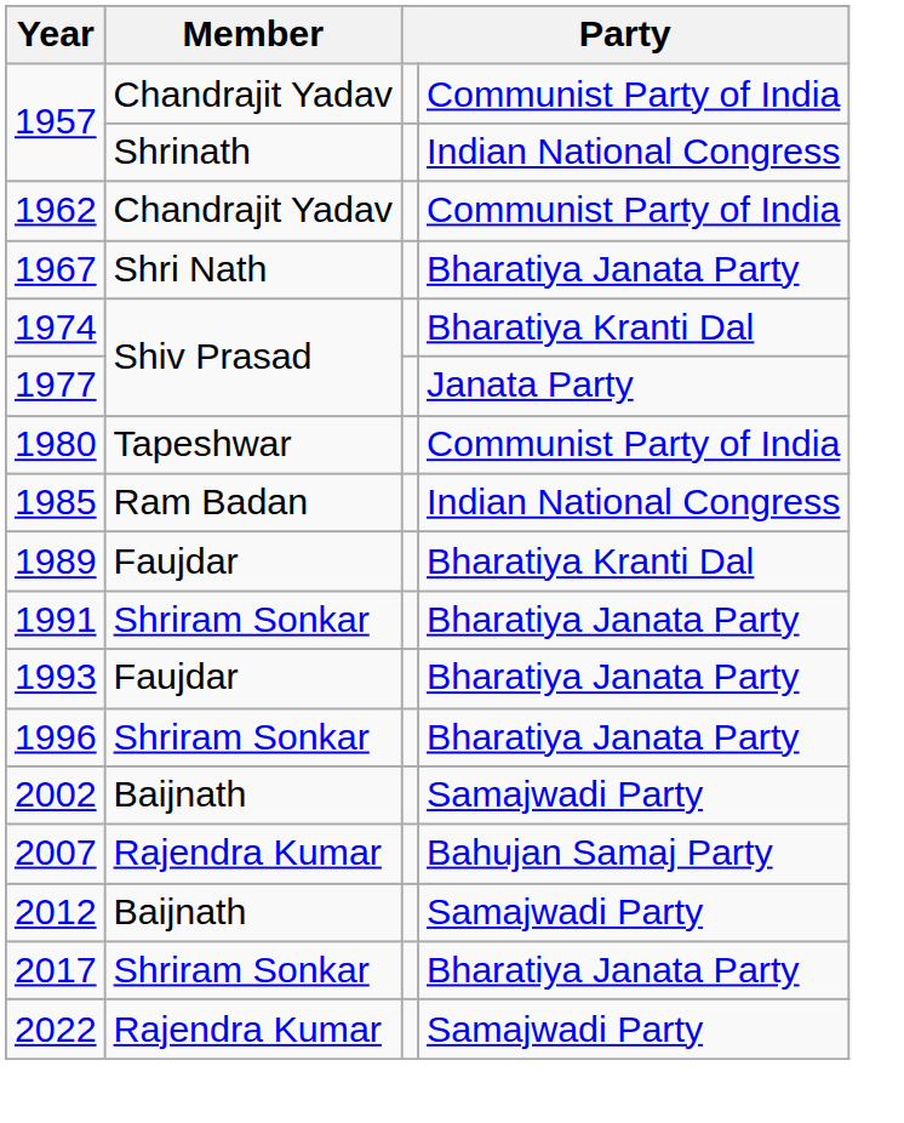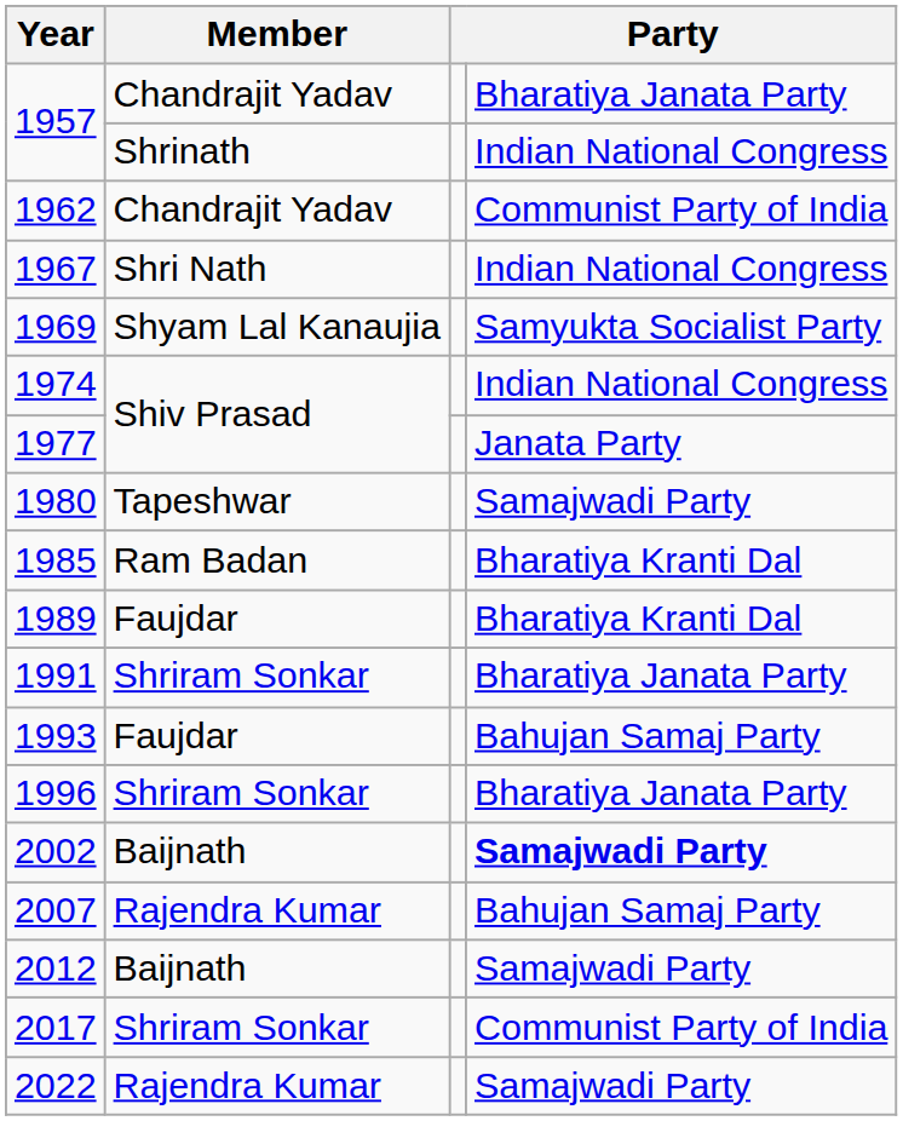 <table class="wikitable">
 <tr>
 <th>Year</th>
 <th>Member</th>
 <th colspan="2">Party</th>
 </tr>
 <tr>
 <td rowspan="2"><a href='#'>1957</a></td>
 <td>Chandrajit Yadav</td>
 <td style="background-color: "></td>
-<td><a href='#'>Communist Party of India</a></td>
+<td><a href='#'>Bharatiya Janata Party</a></td>
 </tr>
 <tr>
 <td>Shrinath</td>
 <td style="background-color: "></td>
 <td><a href='#'>Indian National Congress</a></td>
 </tr>
 <tr>
 <td><a href='#'>1962</a></td>
 <td>Chandrajit Yadav</td>
 <td style="background-color: "></td>
 <td><a href='#'>Communist Party of India</a></td>
 </tr>
 <tr>
 <td><a href='#'>1967</a></td>
 <td>Shri Nath</td>
 <td style="background-color: "></td>
-<td><a href='#'>Bharatiya Janata Party</a></td>
+<td><a href='#'>Indian National Congress</a></td>
+</tr>
+<tr>
+<td><a href='#'>1969</a></td>
+<td>Shyam Lal Kanaujia</td>
+<td style="background-color: "></td>
+<td><a href='#'>Samyukta Socialist Party</a></td>
 </tr>
 <tr>
 <td><a href='#'>1974</a></td>
 <td rowspan="2">Shiv Prasad</td>
 <td style="background-color: "></td>
-<td><a href='#'>Bharatiya Kranti Dal</a></td>
+<td><a href='#'>Indian National Congress</a></td>
 </tr>
 <tr>
 <td><a href='#'>1977</a></td>
 <td style="background-color: "></td>
 <td><a href='#'>Janata Party</a></td>
 </tr>
 <tr>
 <td><a href='#'>1980</a></td>
 <td>Tapeshwar</td>
 <td style="background-color: "></td>
-<td><a href='#'>Communist Party of India</a></td>
+<td><a href='#'>Samajwadi Party</a></td>
 </tr>
 <tr>
 <td><a href='#'>1985</a></td>
 <td>Ram Badan</td>
 <td style="background-color: "></td>
-<td><a href='#'>Indian National Congress</a></td>
+<td><a href='#'>Bharatiya Kranti Dal</a></td>
 </tr>
 <tr>
 <td><a href='#'>1989</a></td>
 <td>Faujdar</td>
 <td style="background-color: "></td>
 <td><a href='#'>Bharatiya Kranti Dal</a></td>
 </tr>
 <tr>
 <td><a href='#'>1991</a></td>
 <td><a href='#'>Shriram Sonkar</a></td>
 <td style="background-color: "></td>
 <td><a href='#'>Bharatiya Janata Party</a></td>
 </tr>
 <tr>
 <td><a href='#'>1993</a></td>
 <td>Faujdar</td>
 <td style="background-color: "></td>
-<td><a href='#'>Bharatiya Janata Party</a></td>
+<td><a href='#'>Bahujan Samaj Party</a></td>
 </tr>
 <tr>
 <td><a href='#'>1996</a></td>
 <td><a href='#'>Shriram Sonkar</a></td>
 <td style="background-color: "></td>
 <td><a href='#'>Bharatiya Janata Party</a></td>
 </tr>
 <tr>
 <td><a href='#'>2002</a></td>
 <td>Baijnath</td>
 <td style="background-color: "></td>
-<td><a href='#'>Samajwadi Party</a></td>
+<td><strong><a href='#'>Samajwadi Party</a></strong></td>
 </tr>
 <tr>
 <td><a href='#'>2007</a></td>
 <td><a href='#'>Rajendra Kumar</a></td>
 <td style="background-color: "></td>
 <td><a href='#'>Bahujan Samaj Party</a></td>
 </tr>
 <tr>
 <td><a href='#'>2012</a></td>
 <td>Baijnath</td>
 <td style="background-color: "></td>
 <td><a href='#'>Samajwadi Party</a></td>
 </tr>
 <tr>
 <td><a href='#'>2017</a></td>
 <td><a href='#'>Shriram Sonkar</a></td>
 <td style="background-color: "></td>
-<td><a href='#'>Bharatiya Janata Party</a></td>
+<td><a href='#'>Communist Party of India</a></td>
 </tr>
 <tr>
 <td><a href='#'>2022</a></td>
 <td><a href='#'>Rajendra Kumar</a></td>
 <td style="background-color: "></td>
 <td><a href='#'>Samajwadi Party</a></td>
 </tr>
 </table>
